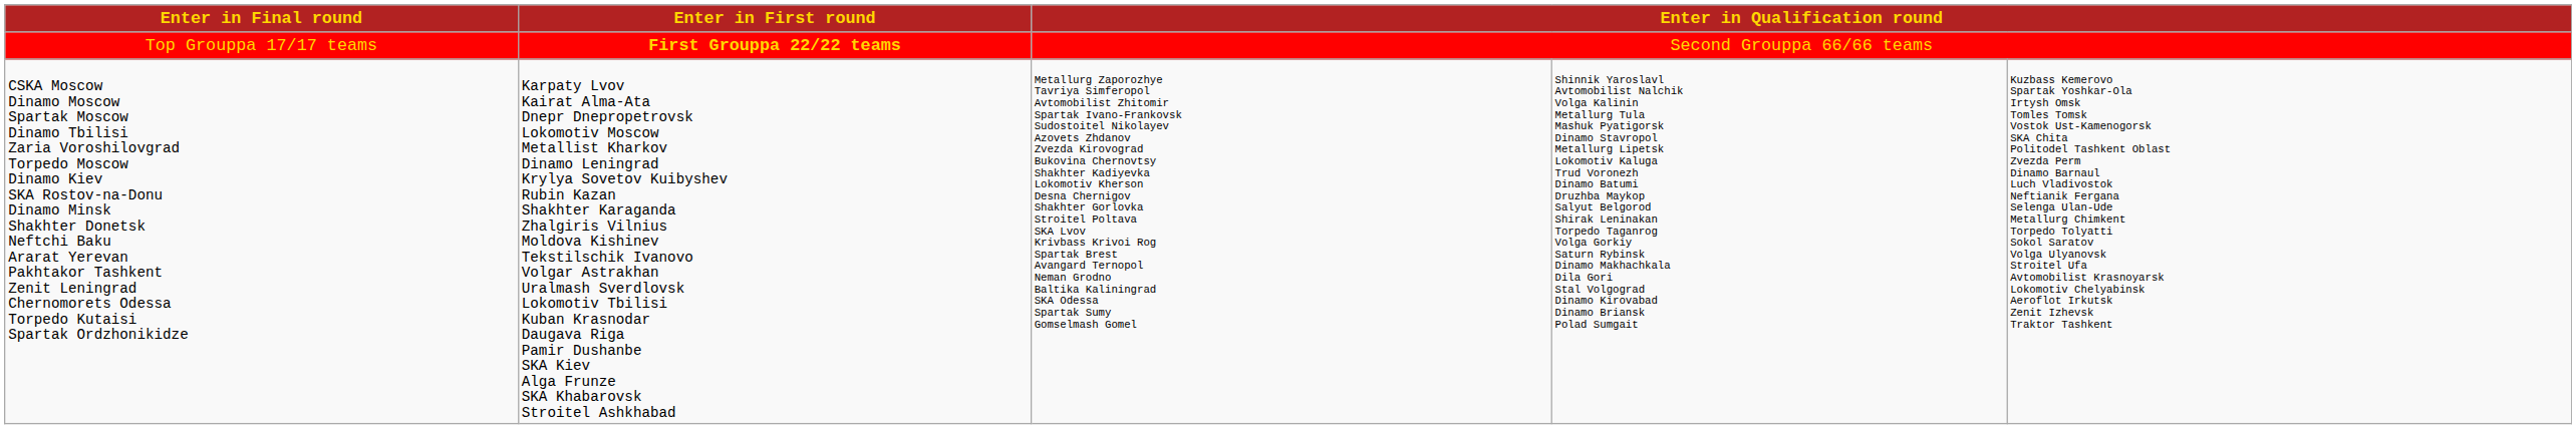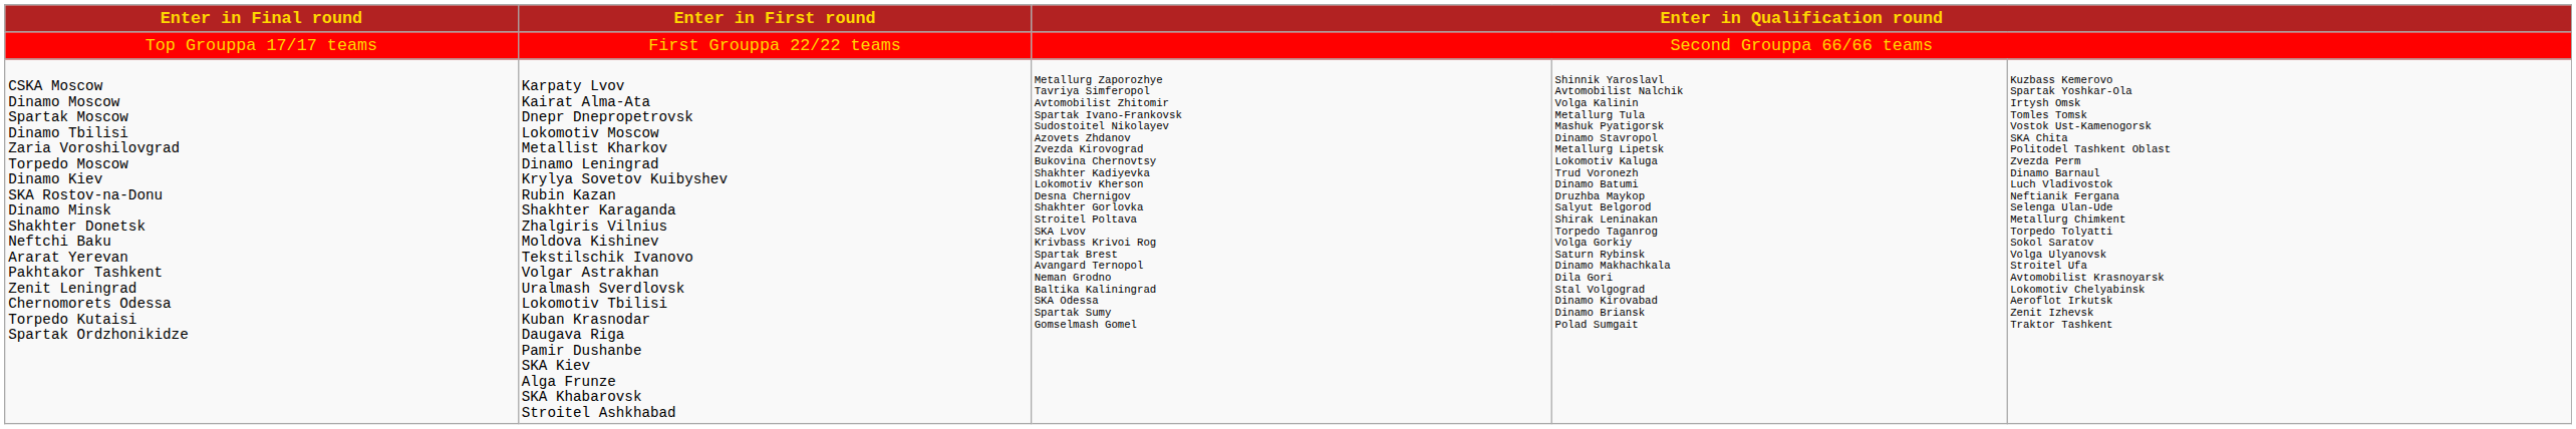 <table class="wikitable" style="width:100%;">
 <tr style="background:Firebrick; text-align:center;">
 <td style="width:20%; color:Gold" colspan="1"><strong>Enter in Final round</strong></td>
 <td style="width:20%; color:Gold" colspan="1"><strong>Enter in First round</strong></td>
 <td style="width:60%; color:Gold" colspan="3"><strong>Enter in Qualification round</strong></td>
 </tr>
 <tr style="background:Red;">
 <td style="text-align:center; width:20%; color:Gold" colspan=1>Top Grouppa 17/17 teams</td>
-<td style="text-align:center; width:20%; color:Gold" colspan=1><strong>First Grouppa 22/22 teams</strong></td>
+<td style="text-align:center; width:20%; color:Gold" colspan=1>First Grouppa 22/22 teams</td>
 <td style="text-align:center; width:60%; color:Gold" colspan=3>Second Grouppa 66/66 teams</td>
 </tr>
 <tr style="vertical-align:top; font-size:85%;">
 <td><br> CSKA Moscow<br>  Dinamo Moscow<br>  Spartak Moscow<br>  Dinamo Tbilisi<br>  Zaria Voroshilovgrad<br>  Torpedo Moscow<br>  Dinamo Kiev<br>  SKA Rostov-na-Donu<br>  Dinamo Minsk<br>  Shakhter Donetsk<br>  Neftchi Baku<br>  Ararat Yerevan<br>  Pakhtakor Tashkent<br>  Zenit Leningrad<br>  Chernomorets Odessa<br>  Torpedo Kutaisi<br>  Spartak Ordzhonikidze<br></td>
 <td><br> Karpaty Lvov<br>  Kairat Alma-Ata<br>  Dnepr Dnepropetrovsk<br>  Lokomotiv Moscow<br>  Metallist Kharkov<br>  Dinamo Leningrad<br>  Krylya Sovetov Kuibyshev<br>  Rubin Kazan<br>  Shakhter Karaganda<br>  Zhalgiris Vilnius<br>  Moldova Kishinev<br>  Tekstilschik Ivanovo<br>  Volgar Astrakhan<br>  Uralmash Sverdlovsk<br>  Lokomotiv Tbilisi<br>  Kuban Krasnodar<br>  Daugava Riga<br>  Pamir Dushanbe<br>  SKA Kiev<br>  Alga Frunze<br>  SKA Khabarovsk<br>  Stroitel Ashkhabad<br></td>
 <td style="font-size:75%;"><br> Metallurg Zaporozhye<br>  Tavriya Simferopol<br>  Avtomobilist Zhitomir<br>  Spartak Ivano-Frankovsk<br>  Sudostoitel Nikolayev<br>  Azovets Zhdanov<br>  Zvezda Kirovograd<br>  Bukovina Chernovtsy<br>  Shakhter Kadiyevka<br>  Lokomotiv Kherson<br>  Desna Chernigov<br>  Shakhter Gorlovka<br>  Stroitel Poltava<br>  SKA Lvov<br>  Krivbass Krivoi Rog<br>  Spartak Brest<br>  Avangard Ternopol<br>  Neman Grodno<br>  Baltika Kaliningrad<br>  SKA Odessa<br>  Spartak Sumy<br>  Gomselmash Gomel<br></td>
 <td style="font-size:75%;"><br> Shinnik Yaroslavl<br>  Avtomobilist Nalchik<br>  Volga Kalinin<br>  Metallurg Tula<br>  Mashuk Pyatigorsk<br>  Dinamo Stavropol<br>  Metallurg Lipetsk<br>  Lokomotiv Kaluga<br>  Trud Voronezh<br>  Dinamo Batumi<br>  Druzhba Maykop<br>  Salyut Belgorod<br>  Shirak Leninakan<br>  Torpedo Taganrog<br>  Volga Gorkiy<br>  Saturn Rybinsk<br>  Dinamo Makhachkala<br>  Dila Gori<br>  Stal Volgograd<br>  Dinamo Kirovabad<br>  Dinamo Briansk<br>  Polad Sumgait<br></td>
 <td style="font-size:75%;"><br> Kuzbass Kemerovo<br>  Spartak Yoshkar-Ola<br>  Irtysh Omsk<br>  Tomles Tomsk<br>  Vostok Ust-Kamenogorsk<br>  SKA Chita<br>  Politodel Tashkent Oblast<br>  Zvezda Perm<br>  Dinamo Barnaul<br>  Luch Vladivostok<br>  Neftianik Fergana<br>  Selenga Ulan-Ude<br>  Metallurg Chimkent<br>  Torpedo Tolyatti<br>  Sokol Saratov<br>  Volga Ulyanovsk<br>  Stroitel Ufa<br>  Avtomobilist Krasnoyarsk<br>  Lokomotiv Chelyabinsk<br>  Aeroflot Irkutsk<br>  Zenit Izhevsk<br>  Traktor Tashkent<br></td>
 </tr>
 </table>
